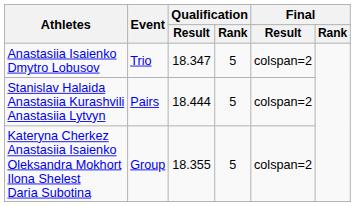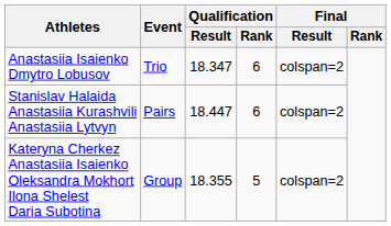 <table class=wikitable style="font-size:90%">
 <tr>
 <th rowspan="2">Athletes</th>
 <th rowspan="2">Event</th>
 <th colspan="2">Qualification</th>
 <th colspan="2">Final</th>
 </tr>
 <tr style="font-size:95%">
 <th>Result</th>
 <th>Rank</th>
 <th>Result</th>
 <th>Rank</th>
 </tr>
 <tr align=center>
 <td align=left><a href='#'>Anastasiia Isaienko</a><br><a href='#'>Dmytro Lobusov</a></td>
 <td align=left><a href='#'>Trio</a></td>
 <td>18.347</td>
-<td>5</td>
+<td>6</td>
 <td>colspan=2 </td>
 </tr>
 <tr align=center>
 <td align=left><a href='#'>Stanislav Halaida</a><br><a href='#'>Anastasiia Kurashvili</a><br><a href='#'>Anastasiia Lytvyn</a></td>
 <td align=left><a href='#'>Pairs</a></td>
-<td>18.444</td>
-<td>5</td>
+<td>18.447</td>
+<td>6</td>
 <td>colspan=2 </td>
 </tr>
 <tr align=center>
 <td align=left><a href='#'>Kateryna Cherkez</a><br><a href='#'>Anastasiia Isaienko</a><br><a href='#'>Oleksandra Mokhort</a><br><a href='#'>Ilona Shelest</a><br><a href='#'>Daria Subotina</a></td>
 <td align=left><a href='#'>Group</a></td>
 <td>18.355</td>
 <td>5</td>
 <td>colspan=2 </td>
 </tr>
 </table>
